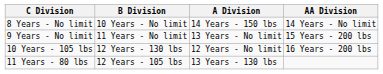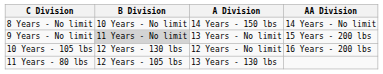 <table class="wikitable" style="margin:1em auto;">
 <tr>
 <th>C Division</th>
 <th>B Division</th>
 <th>A Division</th>
 <th>AA Division</th>
 </tr>
 <tr>
 <td>8 Years - No limit</td>
 <td>10 Years - No limit</td>
 <td>14 Years - 150 lbs</td>
 <td>14 Years - No limit</td>
 </tr>
 <tr>
 <td>9 Years - No limit</td>
-<td>11 Years - No limit</td>
+<td style="background: lightgrey;">11 Years - No limit</td>
 <td>13 Years - No limit</td>
 <td>15 Years - 200 lbs</td>
 </tr>
 <tr>
 <td>10 Years - 105 lbs</td>
 <td>12 Years - 130 lbs</td>
 <td>12 Years - No limit</td>
 <td>16 Years - 200 lbs</td>
 </tr>
 <tr>
 <td>11 Years - 80 lbs</td>
 <td>12 Years - 105 lbs</td>
 <td>13 Years - 130 lbs</td>
 </tr>
 </table>
